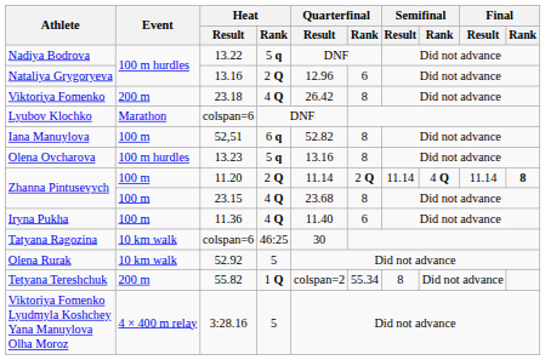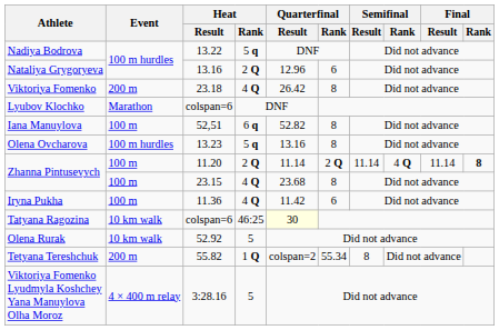 <table class=wikitable style="font-size:90%">
 <tr>
 <th rowspan="2">Athlete</th>
 <th rowspan="2">Event</th>
 <th colspan="2">Heat</th>
 <th colspan="2">Quarterfinal</th>
 <th colspan="2">Semifinal</th>
 <th colspan="2">Final</th>
 </tr>
 <tr style="font-size:95%">
 <th>Result</th>
 <th>Rank</th>
 <th>Result</th>
 <th>Rank</th>
 <th>Result</th>
 <th>Rank</th>
 <th>Result</th>
 <th>Rank</th>
 </tr>
 <tr align=center>
 <td align=left><a href='#'>Nadiya Bodrova</a></td>
 <td align=left rowspan=2><a href='#'>100 m hurdles</a></td>
 <td>13.22</td>
 <td>5 <strong>q</strong></td>
 <td colspan=2>DNF</td>
 <td colspan=4>Did not advance</td>
 </tr>
 <tr align=center>
 <td align=left><a href='#'>Nataliya Grygoryeva</a></td>
 <td>13.16</td>
 <td>2 <strong>Q</strong></td>
 <td>12.96</td>
 <td>6</td>
 <td colspan=4>Did not advance</td>
 </tr>
 <tr align=center>
 <td align=left><a href='#'>Viktoriya Fomenko</a></td>
 <td align=left><a href='#'>200 m</a></td>
 <td>23.18</td>
 <td>4 <strong>Q</strong></td>
 <td>26.42</td>
 <td>8</td>
 <td colspan=4>Did not advance</td>
 </tr>
 <tr align=center>
 <td align=left><a href='#'>Lyubov Klochko</a></td>
 <td align=left><a href='#'>Marathon</a></td>
 <td>colspan=6 </td>
 <td colspan=2>DNF</td>
 </tr>
 <tr align=center>
 <td align=left><a href='#'>Iana Manuylova</a></td>
 <td align=left><a href='#'>100 m</a></td>
 <td>52,51</td>
 <td>6 <strong>q</strong></td>
 <td>52.82</td>
 <td>8</td>
 <td colspan=4>Did not advance</td>
 </tr>
 <tr align=center>
 <td align=left><a href='#'>Olena Ovcharova</a></td>
 <td align=left><a href='#'>100 m hurdles</a></td>
 <td>13.23</td>
 <td>5 <strong>q</strong></td>
 <td>13.16</td>
 <td>8</td>
 <td colspan=4>Did not advance</td>
 </tr>
 <tr align=center>
 <td align=left rowspan=2><a href='#'>Zhanna Pintusevych</a></td>
 <td align=left><a href='#'>100 m</a></td>
 <td>11.20</td>
 <td>2 <strong>Q</strong></td>
 <td>11.14</td>
 <td>2 <strong>Q</strong></td>
 <td>11.14</td>
 <td>4 <strong>Q</strong></td>
 <td>11.14</td>
 <td><strong>8</strong></td>
 </tr>
 <tr align=center>
 <td align=left><a href='#'>100 m</a></td>
 <td>23.15</td>
 <td>4 <strong>Q</strong></td>
 <td>23.68</td>
 <td>8</td>
 <td colspan=4>Did not advance</td>
 </tr>
 <tr align=center>
 <td align=left><a href='#'>Iryna Pukha</a></td>
 <td align=left><a href='#'>100 m</a></td>
 <td>11.36</td>
 <td>4 <strong>Q</strong></td>
-<td>11.40</td>
+<td>11.42</td>
 <td>6</td>
 <td colspan=4>Did not advance</td>
 </tr>
 <tr align=center>
 <td align=left><a href='#'>Tatyana Ragozina</a></td>
 <td align=left><a href='#'>10 km walk</a></td>
 <td>colspan=6 </td>
 <td>46:25</td>
-<td>30</td>
+<td style="background: lightyellow;">30</td>
 </tr>
 <tr align=center>
 <td align=left><a href='#'>Olena Rurak</a></td>
 <td align=left><a href='#'>10 km walk</a></td>
 <td>52.92</td>
 <td>5</td>
 <td colspan=6>Did not advance</td>
 </tr>
 <tr align=center>
 <td align=left><a href='#'>Tetyana Tereshchuk</a></td>
 <td align=left><a href='#'>200 m</a></td>
 <td>55.82</td>
 <td>1 <strong>Q</strong></td>
 <td>colspan=2 </td>
 <td>55.34</td>
 <td>8</td>
 <td colspan=2>Did not advance</td>
 </tr>
 <tr align=center>
 <td align=left><a href='#'>Viktoriya Fomenko</a><br><a href='#'>Lyudmyla Koshchey</a><br><a href='#'>Yana Manuylova</a><br><a href='#'>Olha Moroz</a></td>
 <td align=left><a href='#'>4 × 400 m relay</a></td>
 <td>3:28.16</td>
 <td>5</td>
 <td colspan=6>Did not advance</td>
 </tr>
 </table>
